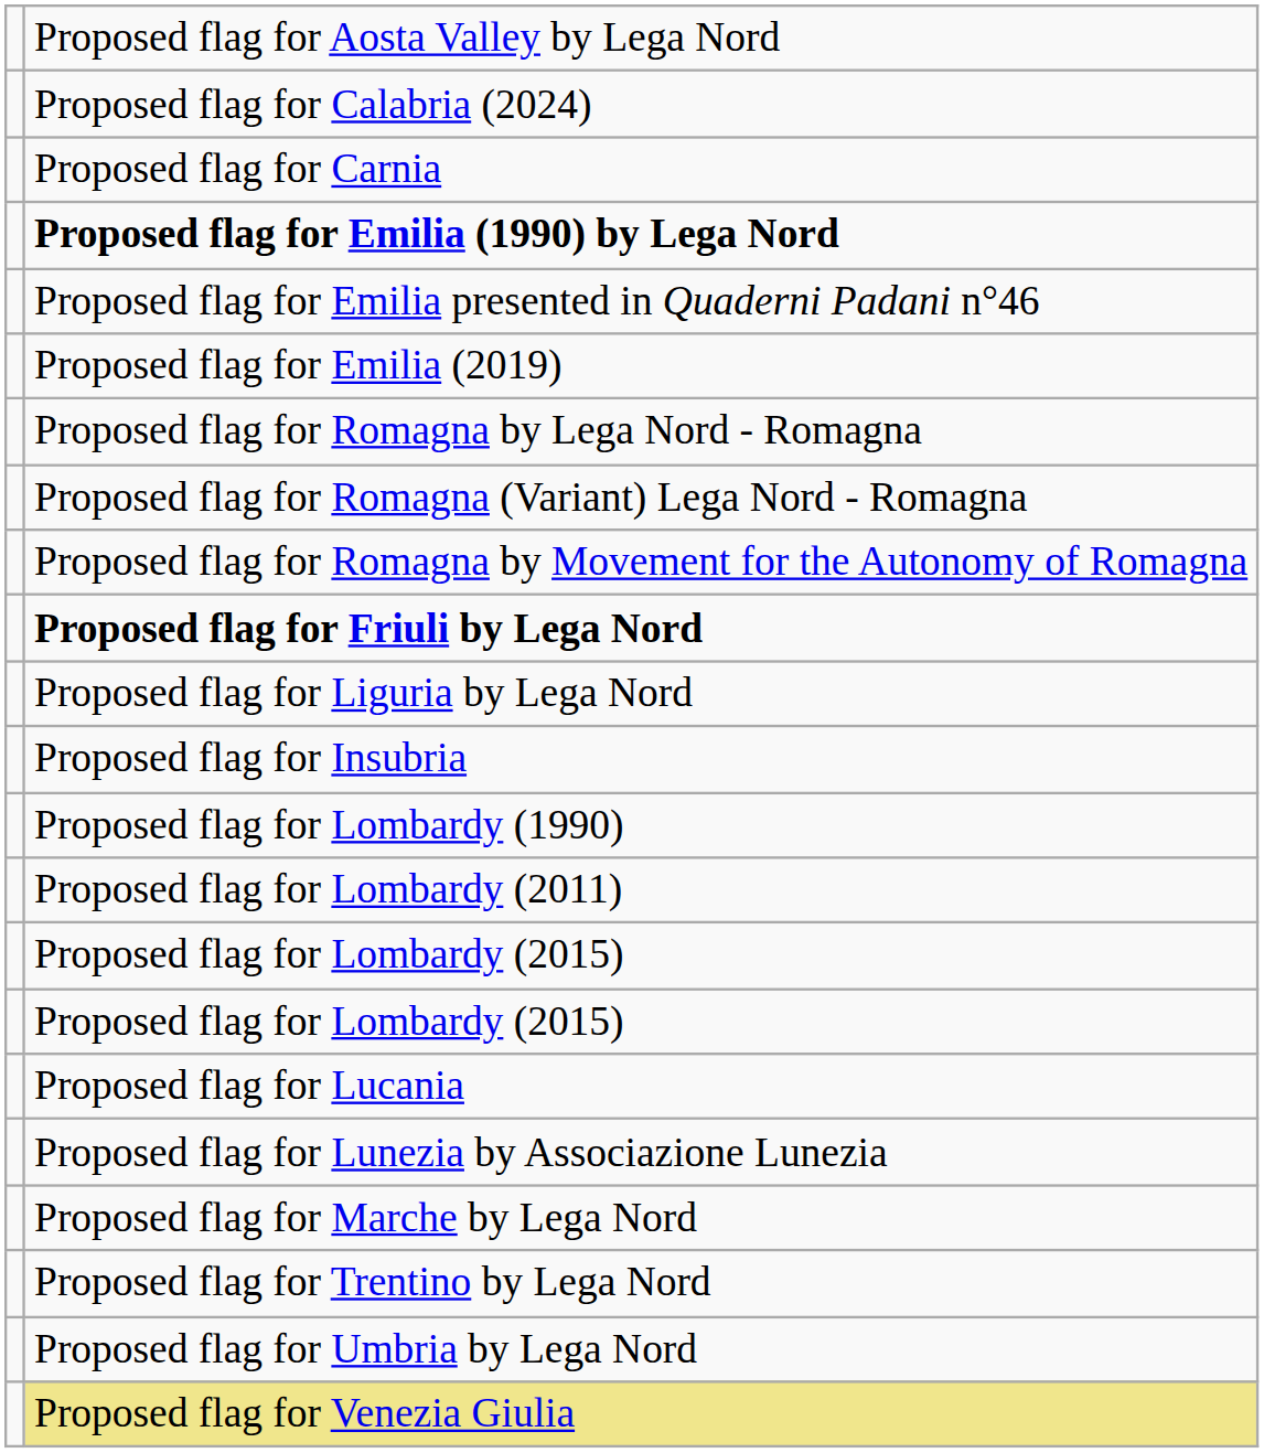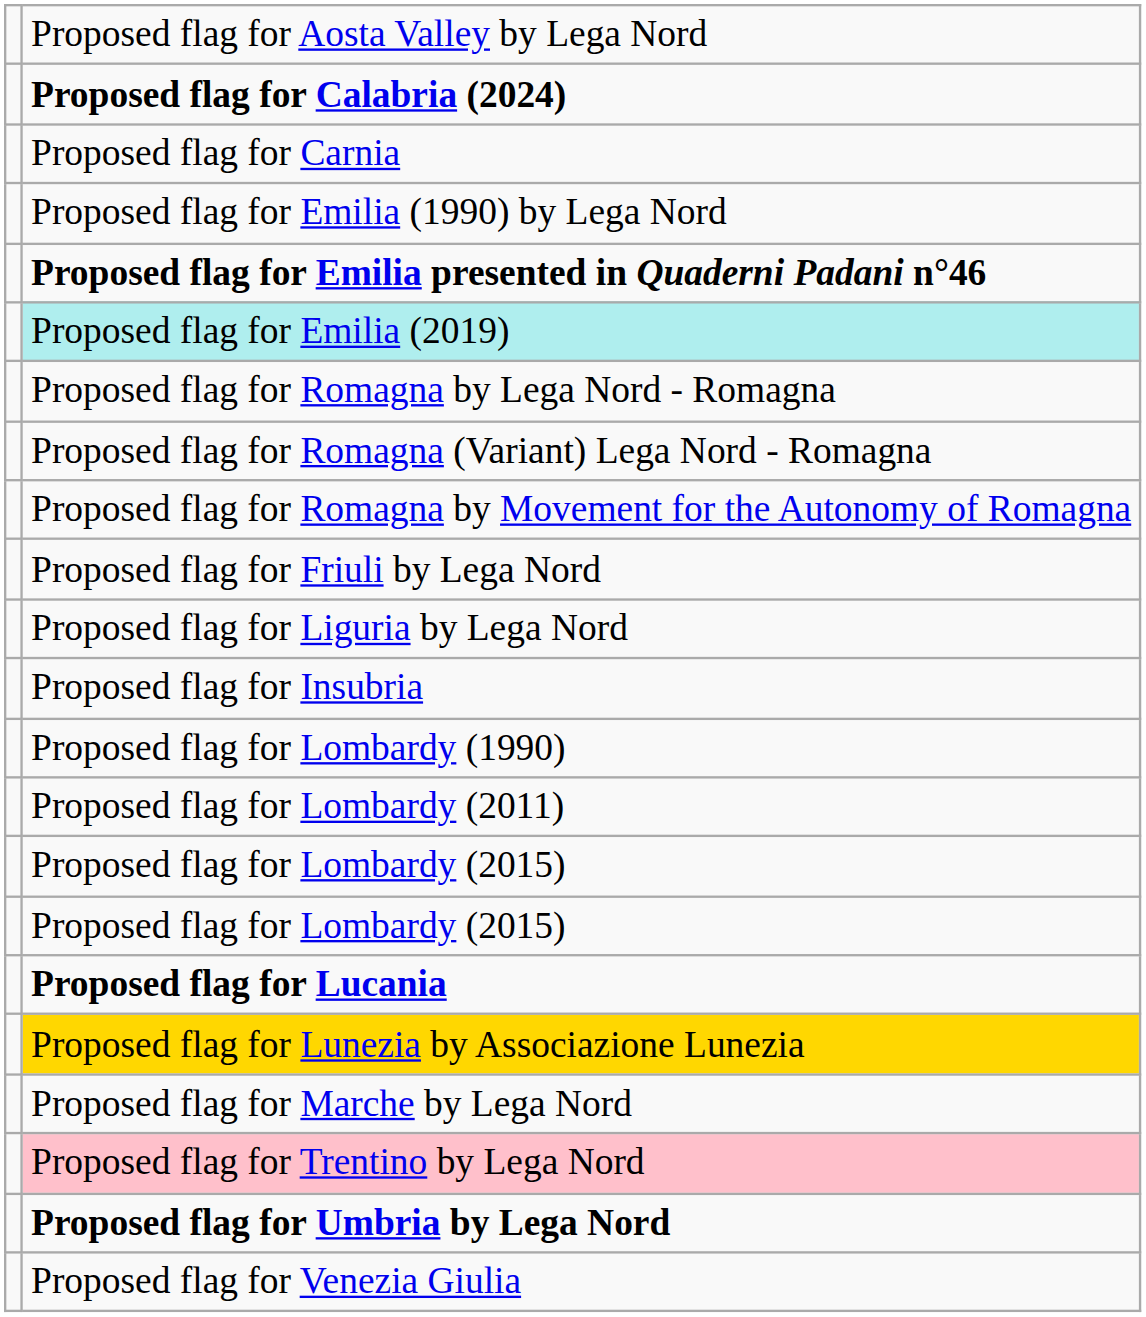 <table class="wikitable">
 <tr>
 <td></td>
 <td>Proposed flag for <a href='#'>Aosta Valley</a> by Lega Nord</td>
 </tr>
 <tr>
 <td></td>
-<td>Proposed flag for <a href='#'>Calabria</a> (2024)</td>
+<td><strong>Proposed flag for <a href='#'>Calabria</a> (2024)</strong></td>
 </tr>
 <tr>
 <td></td>
 <td>Proposed flag for <a href='#'>Carnia</a></td>
 </tr>
 <tr>
 <td></td>
-<td><strong>Proposed flag for <a href='#'>Emilia</a> (1990) by Lega Nord</strong></td>
+<td>Proposed flag for <a href='#'>Emilia</a> (1990) by Lega Nord</td>
 </tr>
 <tr>
 <td></td>
-<td>Proposed flag for <a href='#'>Emilia</a> presented in <em>Quaderni Padani</em> n°46</td>
+<td><strong>Proposed flag for <a href='#'>Emilia</a> presented in <em>Quaderni Padani</em> n°46</strong></td>
 </tr>
 <tr>
 <td></td>
-<td>Proposed flag for <a href='#'>Emilia</a> (2019)</td>
+<td style="background: paleturquoise;">Proposed flag for <a href='#'>Emilia</a> (2019)</td>
 </tr>
 <tr>
 <td></td>
 <td>Proposed flag for <a href='#'>Romagna</a> by Lega Nord - Romagna</td>
 </tr>
 <tr>
 <td></td>
 <td>Proposed flag for <a href='#'>Romagna</a> (Variant) Lega Nord - Romagna</td>
 </tr>
 <tr>
 <td></td>
 <td>Proposed flag for <a href='#'>Romagna</a> by <a href='#'>Movement for the Autonomy of Romagna</a></td>
 </tr>
 <tr>
 <td></td>
-<td><strong>Proposed flag for <a href='#'>Friuli</a> by Lega Nord</strong></td>
+<td>Proposed flag for <a href='#'>Friuli</a> by Lega Nord</td>
 </tr>
 <tr>
 <td></td>
 <td>Proposed flag for <a href='#'>Liguria</a> by Lega Nord</td>
 </tr>
 <tr>
 <td></td>
 <td>Proposed flag for <a href='#'>Insubria</a></td>
 </tr>
 <tr>
 <td></td>
 <td>Proposed flag for <a href='#'>Lombardy</a> (1990)</td>
 </tr>
 <tr>
 <td></td>
 <td>Proposed flag for <a href='#'>Lombardy</a> (2011)</td>
 </tr>
 <tr>
 <td></td>
 <td>Proposed flag for <a href='#'>Lombardy</a> (2015)</td>
 </tr>
 <tr>
 <td></td>
 <td>Proposed flag for <a href='#'>Lombardy</a> (2015)</td>
 </tr>
 <tr>
 <td></td>
-<td>Proposed flag for <a href='#'>Lucania</a></td>
+<td><strong>Proposed flag for <a href='#'>Lucania</a></strong></td>
 </tr>
 <tr>
 <td></td>
-<td>Proposed flag for <a href='#'>Lunezia</a> by Associazione Lunezia</td>
+<td style="background: gold;">Proposed flag for <a href='#'>Lunezia</a> by Associazione Lunezia</td>
 </tr>
 <tr>
 <td></td>
 <td>Proposed flag for <a href='#'>Marche</a> by Lega Nord</td>
 </tr>
 <tr>
 <td></td>
-<td>Proposed flag for <a href='#'>Trentino</a> by Lega Nord</td>
+<td style="background: pink;">Proposed flag for <a href='#'>Trentino</a> by Lega Nord</td>
 </tr>
 <tr>
 <td></td>
-<td>Proposed flag for <a href='#'>Umbria</a> by Lega Nord</td>
+<td><strong>Proposed flag for <a href='#'>Umbria</a> by Lega Nord</strong></td>
 </tr>
 <tr>
 <td></td>
-<td style="background: khaki;">Proposed flag for <a href='#'>Venezia Giulia</a></td>
+<td>Proposed flag for <a href='#'>Venezia Giulia</a></td>
 </tr>
 </table>
